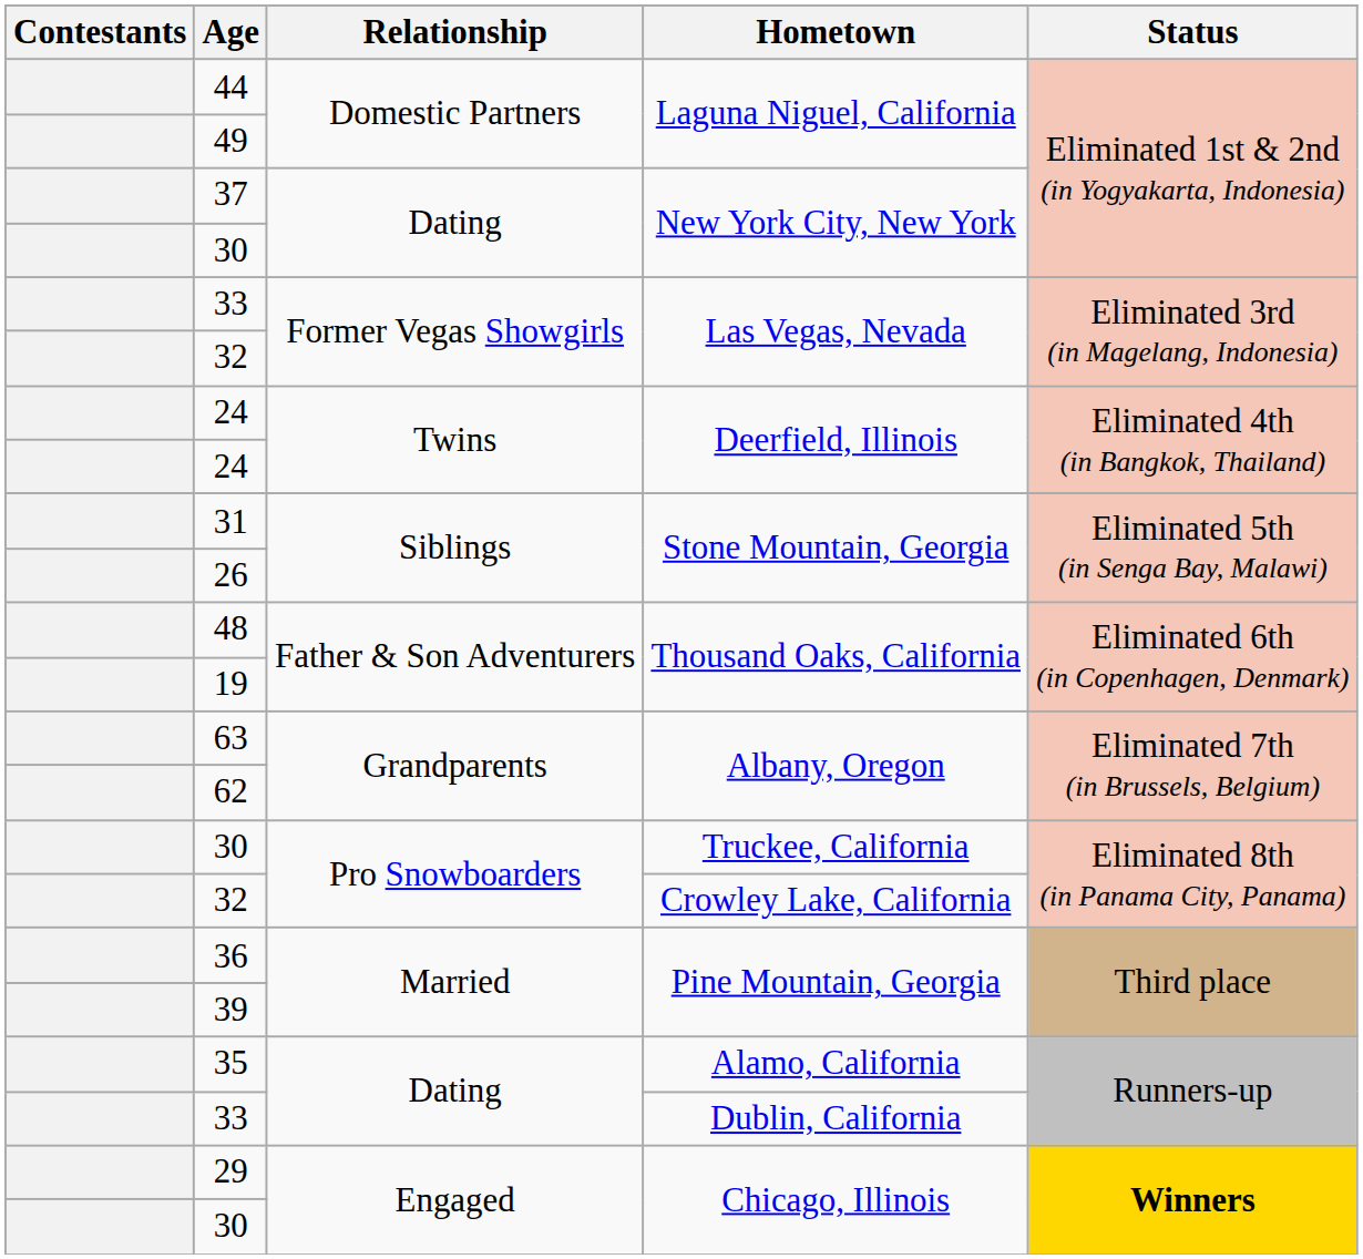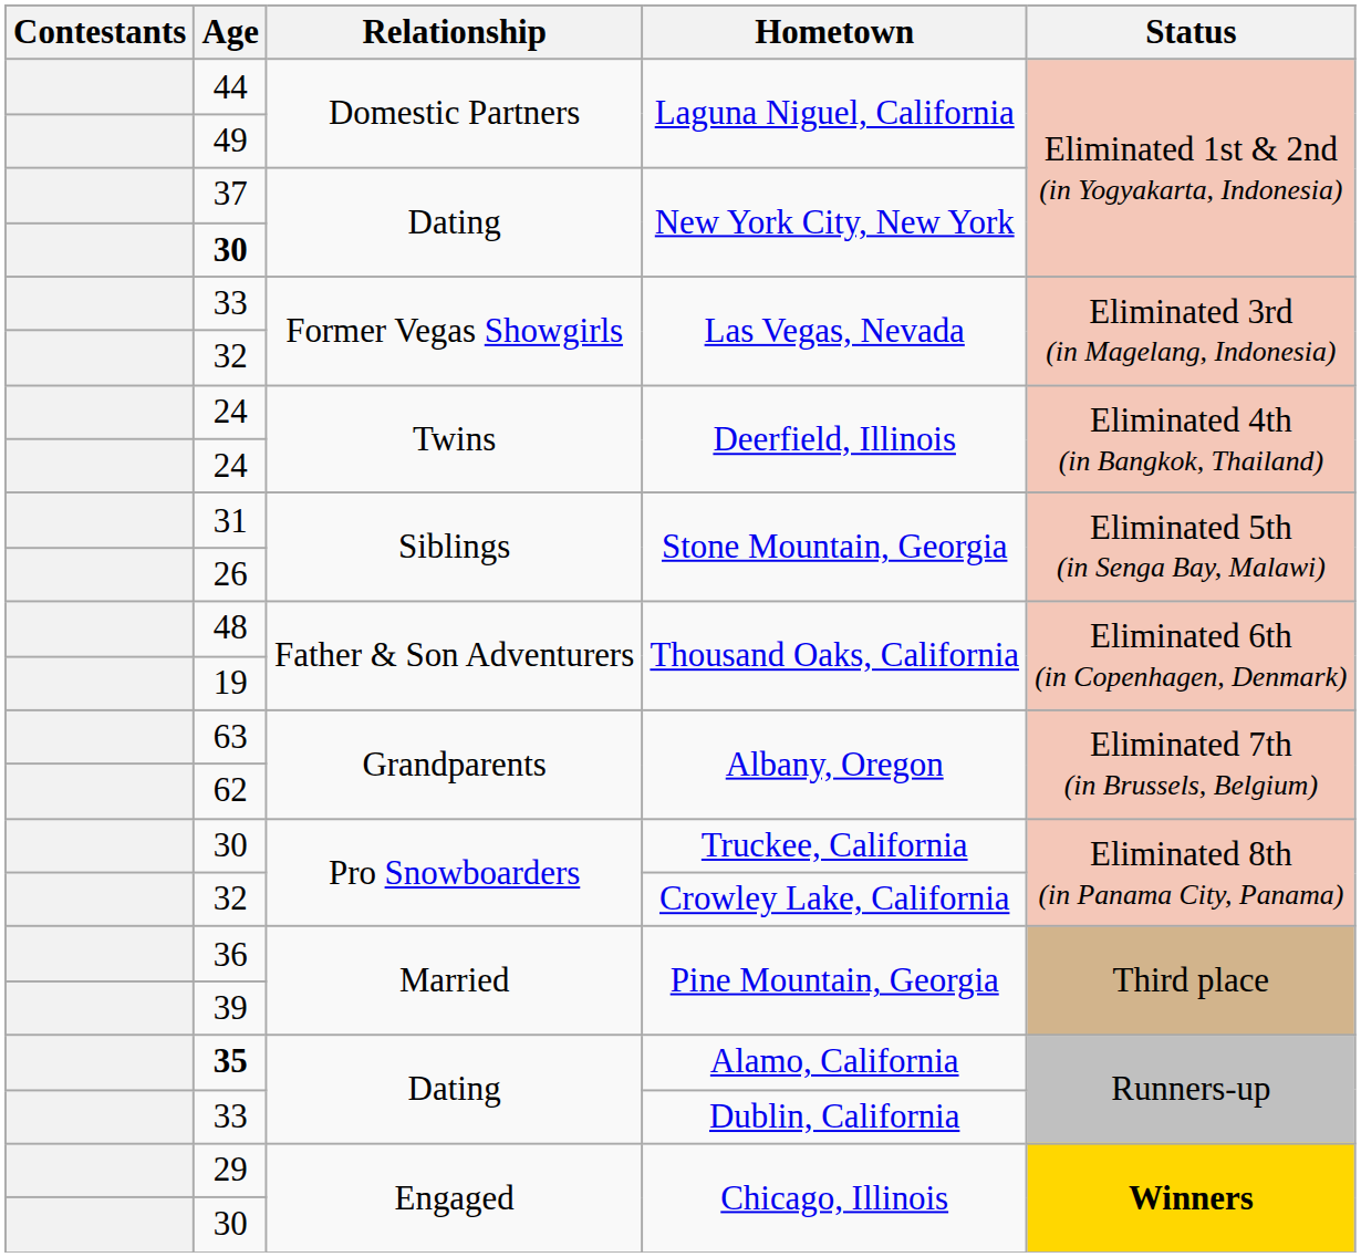 <table class="wikitable sortable" style="text-align:center;">
 <tr>
 <th scope="col">Contestants</th>
 <th scope="col">Age</th>
 <th scope="col" class="unsortable">Relationship</th>
 <th class="unsortable" scope="col">Hometown</th>
 <th scope="col">Status</th>
 </tr>
 <tr>
 <th scope="row"></th>
 <td>44</td>
 <td rowspan="2">Domestic Partners</td>
 <td rowspan="2"><a href='#'>Laguna Niguel, California</a></td>
 <td rowspan="4" bgcolor="f4c7b8">Eliminated 1st & 2nd<br><small><em>(in Yogyakarta, Indonesia)</em></small></td>
 </tr>
 <tr>
 <th scope="row"></th>
 <td>49</td>
 </tr>
 <tr>
 <th scope="row"></th>
 <td>37</td>
 <td rowspan="2">Dating</td>
 <td rowspan="2"><a href='#'>New York City, New York</a></td>
 </tr>
 <tr>
 <th scope="row"></th>
-<td>30</td>
+<td><strong>30</strong></td>
 </tr>
 <tr>
 <th scope="row"></th>
 <td>33</td>
 <td rowspan="2">Former Vegas <a href='#'>Showgirls</a></td>
 <td rowspan="2"><a href='#'>Las Vegas, Nevada</a></td>
 <td rowspan="2" bgcolor="f4c7b8">Eliminated 3rd<br><small><em>(in Magelang, Indonesia)</em></small></td>
 </tr>
 <tr>
 <th scope="row"></th>
 <td>32</td>
 </tr>
 <tr>
 <th scope="row"></th>
 <td>24</td>
 <td rowspan="2">Twins</td>
 <td rowspan="2"><a href='#'>Deerfield, Illinois</a></td>
 <td rowspan="2" bgcolor="f4c7b8">Eliminated 4th<br><small><em>(in Bangkok, Thailand)</em></small></td>
 </tr>
 <tr>
 <th scope="row"></th>
 <td>24</td>
 </tr>
 <tr>
 <th scope="row"></th>
 <td>31</td>
 <td rowspan="2">Siblings</td>
 <td rowspan="2"><a href='#'>Stone Mountain, Georgia</a></td>
 <td rowspan="2" bgcolor="f4c7b8">Eliminated 5th<br><small><em>(in Senga Bay, Malawi)</em></small></td>
 </tr>
 <tr>
 <th scope="row"></th>
 <td>26</td>
 </tr>
 <tr>
 <th scope="row"></th>
 <td>48</td>
 <td rowspan="2">Father & Son Adventurers</td>
 <td rowspan="2"><a href='#'>Thousand Oaks, California</a></td>
 <td rowspan="2" bgcolor="f4c7b8">Eliminated 6th<br><small><em>(in Copenhagen, Denmark)</em></small></td>
 </tr>
 <tr>
 <th scope="row"></th>
 <td>19</td>
 </tr>
 <tr>
 <th scope="row"></th>
 <td>63</td>
 <td rowspan="2">Grandparents</td>
 <td rowspan="2"><a href='#'>Albany, Oregon</a></td>
 <td rowspan="2" bgcolor="f4c7b8">Eliminated 7th<br><small><em>(in Brussels, Belgium)</em></small></td>
 </tr>
 <tr>
 <th scope="row"></th>
 <td>62</td>
 </tr>
 <tr>
 <th scope="row"></th>
 <td>30</td>
 <td rowspan="2">Pro <a href='#'>Snowboarders</a></td>
 <td><a href='#'>Truckee, California</a></td>
 <td rowspan="2" bgcolor="f4c7b8">Eliminated 8th<br><small><em>(in Panama City, Panama)</em></small></td>
 </tr>
 <tr>
 <th scope="row"></th>
 <td>32</td>
 <td><a href='#'>Crowley Lake, California</a></td>
 </tr>
 <tr>
 <th scope="row"></th>
 <td>36</td>
 <td rowspan="2">Married</td>
 <td rowspan="2"><a href='#'>Pine Mountain, Georgia</a></td>
 <td rowspan="2" bgcolor="tan">Third place</td>
 </tr>
 <tr>
 <th scope="row"></th>
 <td>39</td>
 </tr>
 <tr>
 <th scope="row"></th>
-<td>35</td>
+<td><strong>35</strong></td>
 <td rowspan="2">Dating</td>
 <td><a href='#'>Alamo, California</a></td>
 <td rowspan="2" bgcolor="silver">Runners-up</td>
 </tr>
 <tr>
 <th scope="row"></th>
 <td>33</td>
 <td><a href='#'>Dublin, California</a></td>
 </tr>
 <tr>
 <th scope="row"></th>
 <td>29</td>
 <td rowspan="2">Engaged</td>
 <td rowspan="2"><a href='#'>Chicago, Illinois</a></td>
 <td rowspan="2" bgcolor="gold"><strong>Winners</strong></td>
 </tr>
 <tr>
 <th scope="row"></th>
 <td>30</td>
 </tr>
 </table>
